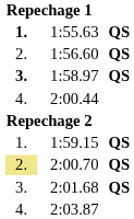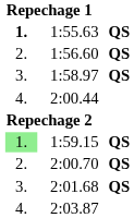 <table style="text-align:center">
 <tr>
 <td colspan=4 align=left><strong>Repechage 1</strong></td>
 </tr>
 <tr>
 <td width=30><strong>1.</strong></td>
 <td align=left></td>
 <td width=60>1:55.63</td>
 <td><strong>QS</strong></td>
 </tr>
 <tr>
 <td>2.</td>
 <td align=left></td>
 <td>1:56.60</td>
 <td><strong>QS</strong></td>
 </tr>
 <tr>
-<td><strong>3.</strong></td>
+<td>3.</td>
 <td align=left></td>
 <td>1:58.97</td>
 <td><strong>QS</strong></td>
 </tr>
 <tr>
 <td>4.</td>
 <td align=left></td>
 <td>2:00.44</td>
 <td></td>
 </tr>
 <tr>
 <td colspan=4 align=left><strong>Repechage 2</strong></td>
 </tr>
 <tr>
-<td>1.</td>
+<td style="background: lightgreen;">1.</td>
 <td align=left></td>
 <td>1:59.15</td>
 <td><strong>QS</strong></td>
 </tr>
 <tr>
-<td style="background: khaki;">2.</td>
+<td>2.</td>
 <td align=left></td>
 <td>2:00.70</td>
 <td><strong>QS</strong></td>
 </tr>
 <tr>
 <td>3.</td>
 <td align=left></td>
 <td>2:01.68</td>
 <td><strong>QS</strong></td>
 </tr>
 <tr>
 <td>4.</td>
 <td align=left></td>
 <td>2:03.87</td>
 <td></td>
 </tr>
 </table>
